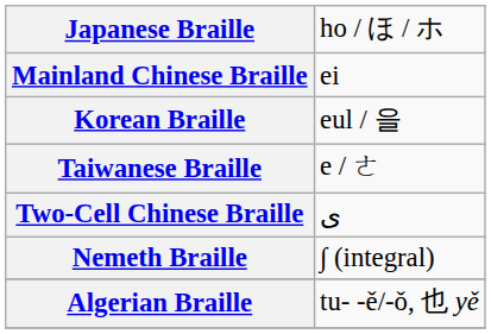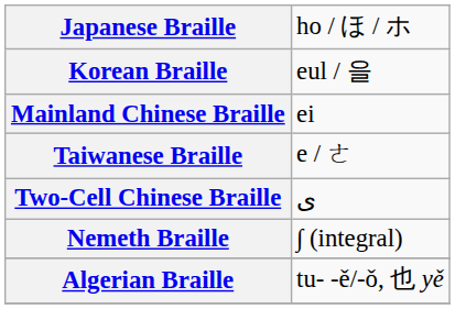 <table class="wikitable">
 <tr>
 <th align=left><a href='#'>Japanese Braille</a></th>
 <td>ho / ほ / ホ </td>
 </tr>
 <tr>
+<th align=left><a href='#'>Korean Braille</a></th>
+<td>eul / 을 </td>
+</tr>
+<tr>
 <th align=left><a href='#'>Mainland Chinese Braille</a></th>
 <td>ei </td>
-</tr>
-<tr>
-<th align=left><a href='#'>Korean Braille</a></th>
-<td>eul / 을 </td>
 </tr>
 <tr>
 <th align=left><a href='#'>Taiwanese Braille</a></th>
 <td>e / ㄜ</td>
 </tr>
 <tr>
 <th align=left><a href='#'>Two-Cell Chinese Braille</a></th>
 <td>ى ‎</td>
 </tr>
 <tr>
 <th align=left><a href='#'>Nemeth Braille</a></th>
 <td>∫ (integral) </td>
 </tr>
 <tr>
 </tr>
 <tr>
 <th align=left><a href='#'>Algerian Braille</a></th>
 <td>tu- -ě/-ǒ, 也 <em>yě</em></td>
 </tr>
 <tr>
 </tr>
 </table>
